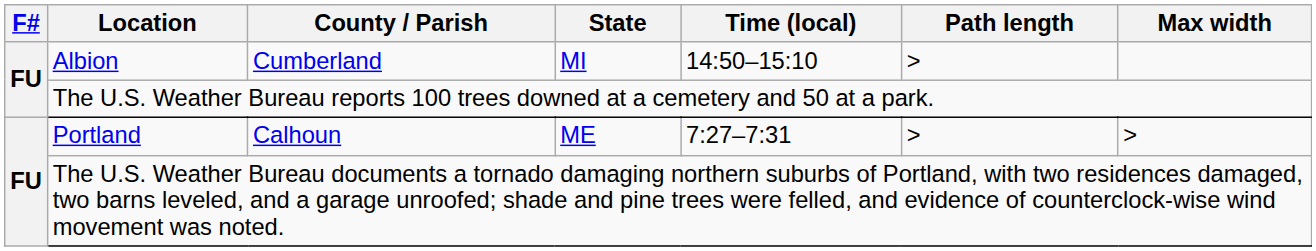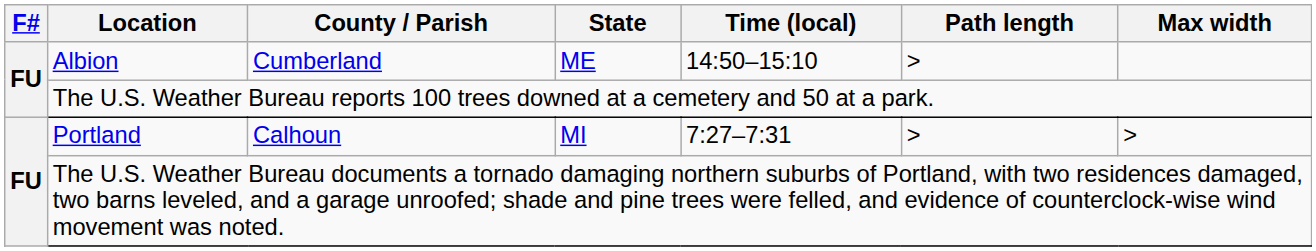 <table class="wikitable sortable" style="width:100%;">
 <tr>
 <th scope="col" align="center"><a href='#'>F#</a><br></th>
 <th scope="col" align="center" class="unsortable">Location</th>
 <th scope="col" align="center" class="unsortable">County / Parish</th>
 <th scope="col" align="center">State</th>
 <th scope="col" align="center">Time (local)</th>
 <th scope="col" align="center">Path length</th>
 <th scope="col" align="center">Max width</th>
 </tr>
 <tr>
 <th scope="row" rowspan="2" style="background-color:#">FU</th>
 <td><a href='#'>Albion</a></td>
 <td><a href='#'>Cumberland</a></td>
-<td><a href='#'>MI</a></td>
+<td><a href='#'>ME</a></td>
 <td>14:50–15:10</td>
 <td>></td>
 <td></td>
 </tr>
 <tr class="expand-child">
 <td colspan="6" style="border-bottom: 1px solid black;">The U.S. Weather Bureau reports 100 trees downed at a cemetery and 50 at a park.</td>
 </tr>
 <tr>
 <th scope="row" rowspan="2" style="background-color:#">FU</th>
 <td><a href='#'>Portland</a></td>
 <td><a href='#'>Calhoun</a></td>
-<td><a href='#'>ME</a></td>
+<td><a href='#'>MI</a></td>
 <td>7:27–7:31</td>
 <td>></td>
 <td>></td>
 </tr>
 <tr class="expand-child">
 <td colspan="6" style="border-bottom: 1px solid black;">The U.S. Weather Bureau documents a tornado damaging northern suburbs of Portland, with two residences damaged, two barns leveled, and a garage unroofed; shade and pine trees were felled, and evidence of counterclock-wise wind movement was noted.</td>
 </tr>
 </table>
